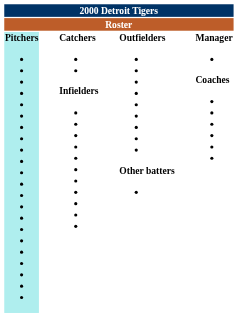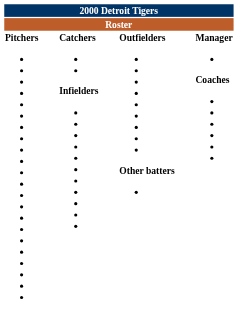 <table class="toccolours" style="font-size: 95%;">
 <tr>
 <th colspan="10" style="background-color: #003366; color: white; text-align: center;">2000 Detroit Tigers</th>
 </tr>
 <tr>
 <td colspan="10" style="background-color: #bd5d29; color: white; text-align: center;"><strong>Roster</strong></td>
 </tr>
 <tr>
-<td valign="top" style="background: paleturquoise;"><strong>Pitchers</strong><br><ul><li></li><li></li><li></li><li></li><li></li><li></li><li></li><li></li><li></li><li></li><li></li><li></li><li></li><li></li><li></li><li></li><li></li><li></li><li></li><li></li><li></li><li></li></ul></td>
+<td valign="top"><strong>Pitchers</strong><br><ul><li></li><li></li><li></li><li></li><li></li><li></li><li></li><li></li><li></li><li></li><li></li><li></li><li></li><li></li><li></li><li></li><li></li><li></li><li></li><li></li><li></li><li></li></ul></td>
 <td width="25px"></td>
 <td valign="top"><strong>Catchers</strong><br><ul><li></li><li></li></ul><strong>Infielders</strong><ul><li></li><li></li><li></li><li></li><li></li><li></li><li></li><li></li><li></li><li></li><li></li></ul></td>
 <td width="25px"></td>
 <td valign="top"><strong>Outfielders</strong><br><ul><li></li><li></li><li></li><li></li><li></li><li></li><li></li><li></li><li></li></ul><strong>Other batters</strong><ul><li></li></ul></td>
 <td width="25px"></td>
 <td valign="top"><strong>Manager</strong><br><ul><li></li></ul><strong>Coaches</strong><ul><li></li><li></li><li></li><li></li><li></li><li></li></ul></td>
 </tr>
 <tr>
 </tr>
 </table>
